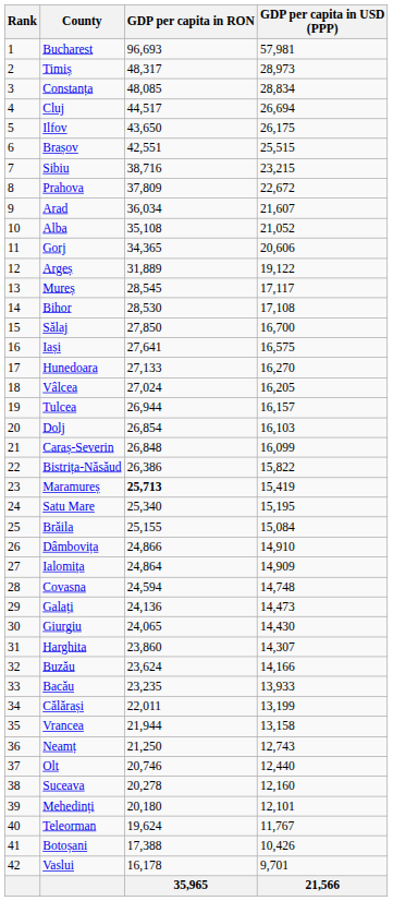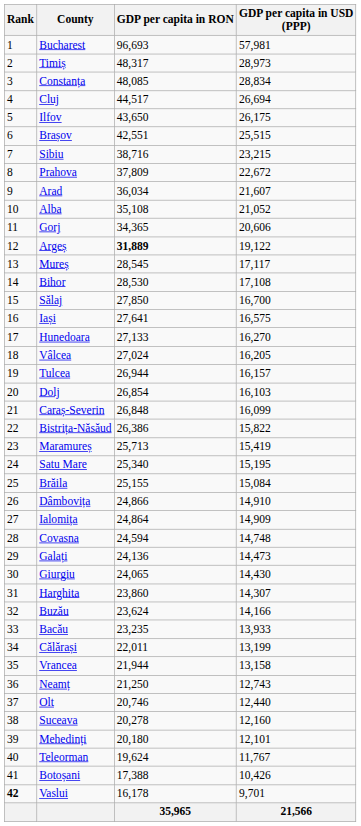 <table class="wikitable sortable">
 <tr>
 <th>Rank</th>
 <th>County</th>
 <th>GDP per capita in RON</th>
 <th>GDP per capita in USD <br>(PPP)</th>
 </tr>
 <tr>
 <td>1</td>
 <td><a href='#'>Bucharest</a></td>
 <td>96,693</td>
 <td>57,981</td>
 </tr>
 <tr>
 <td>2</td>
 <td><a href='#'>Timiș</a></td>
 <td>48,317</td>
 <td>28,973</td>
 </tr>
 <tr>
 <td>3</td>
 <td><a href='#'>Constanța</a></td>
 <td>48,085</td>
 <td>28,834</td>
 </tr>
 <tr>
 <td>4</td>
 <td><a href='#'>Cluj</a></td>
 <td>44,517</td>
 <td>26,694</td>
 </tr>
 <tr>
 <td>5</td>
 <td><a href='#'>Ilfov</a></td>
 <td>43,650</td>
 <td>26,175</td>
 </tr>
 <tr>
 <td>6</td>
 <td><a href='#'>Brașov</a></td>
 <td>42,551</td>
 <td>25,515</td>
 </tr>
 <tr>
 <td>7</td>
 <td><a href='#'>Sibiu</a></td>
 <td>38,716</td>
 <td>23,215</td>
 </tr>
 <tr>
 <td>8</td>
 <td><a href='#'>Prahova</a></td>
 <td>37,809</td>
 <td>22,672</td>
 </tr>
 <tr>
 <td>9</td>
 <td><a href='#'>Arad</a></td>
 <td>36,034</td>
 <td>21,607</td>
 </tr>
 <tr>
 <td>10</td>
 <td><a href='#'>Alba</a></td>
 <td>35,108</td>
 <td>21,052</td>
 </tr>
 <tr>
 <td>11</td>
 <td><a href='#'>Gorj</a></td>
 <td>34,365</td>
 <td>20,606</td>
 </tr>
 <tr>
 <td>12</td>
 <td><a href='#'>Argeș</a></td>
-<td>31,889</td>
+<td><strong>31,889</strong></td>
 <td>19,122</td>
 </tr>
 <tr>
 <td>13</td>
 <td><a href='#'>Mureș</a></td>
 <td>28,545</td>
 <td>17,117</td>
 </tr>
 <tr>
 <td>14</td>
 <td><a href='#'>Bihor</a></td>
 <td>28,530</td>
 <td>17,108</td>
 </tr>
 <tr>
 <td>15</td>
 <td><a href='#'>Sălaj</a></td>
 <td>27,850</td>
 <td>16,700</td>
 </tr>
 <tr>
 <td>16</td>
 <td><a href='#'>Iași</a></td>
 <td>27,641</td>
 <td>16,575</td>
 </tr>
 <tr>
 <td>17</td>
 <td><a href='#'>Hunedoara</a></td>
 <td>27,133</td>
 <td>16,270</td>
 </tr>
 <tr>
 <td>18</td>
 <td><a href='#'>Vâlcea</a></td>
 <td>27,024</td>
 <td>16,205</td>
 </tr>
 <tr>
 <td>19</td>
 <td><a href='#'>Tulcea</a></td>
 <td>26,944</td>
 <td>16,157</td>
 </tr>
 <tr>
 <td>20</td>
 <td><a href='#'>Dolj</a></td>
 <td>26,854</td>
 <td>16,103</td>
 </tr>
 <tr>
 <td>21</td>
 <td><a href='#'>Caraș-Severin</a></td>
 <td>26,848</td>
 <td>16,099</td>
 </tr>
 <tr>
 <td>22</td>
 <td><a href='#'>Bistrița-Năsăud</a></td>
 <td>26,386</td>
 <td>15,822</td>
 </tr>
 <tr>
 <td>23</td>
 <td><a href='#'>Maramureș</a></td>
-<td><strong>25,713</strong></td>
+<td>25,713</td>
 <td>15,419</td>
 </tr>
 <tr>
 <td>24</td>
 <td><a href='#'>Satu Mare</a></td>
 <td>25,340</td>
 <td>15,195</td>
 </tr>
 <tr>
 <td>25</td>
 <td><a href='#'>Brăila</a></td>
 <td>25,155</td>
 <td>15,084</td>
 </tr>
 <tr>
 <td>26</td>
 <td><a href='#'>Dâmbovița</a></td>
 <td>24,866</td>
 <td>14,910</td>
 </tr>
 <tr>
 <td>27</td>
 <td><a href='#'>Ialomița</a></td>
 <td>24,864</td>
 <td>14,909</td>
 </tr>
 <tr>
 <td>28</td>
 <td><a href='#'>Covasna</a></td>
 <td>24,594</td>
 <td>14,748</td>
 </tr>
 <tr>
 <td>29</td>
 <td><a href='#'>Galați</a></td>
 <td>24,136</td>
 <td>14,473</td>
 </tr>
 <tr>
 <td>30</td>
 <td><a href='#'>Giurgiu</a></td>
 <td>24,065</td>
 <td>14,430</td>
 </tr>
 <tr>
 <td>31</td>
 <td><a href='#'>Harghita</a></td>
 <td>23,860</td>
 <td>14,307</td>
 </tr>
 <tr>
 <td>32</td>
 <td><a href='#'>Buzău</a></td>
 <td>23,624</td>
 <td>14,166</td>
 </tr>
 <tr>
 <td>33</td>
 <td><a href='#'>Bacău</a></td>
 <td>23,235</td>
 <td>13,933</td>
 </tr>
 <tr>
 <td>34</td>
 <td><a href='#'>Călărași</a></td>
 <td>22,011</td>
 <td>13,199</td>
 </tr>
 <tr>
 <td>35</td>
 <td><a href='#'>Vrancea</a></td>
 <td>21,944</td>
 <td>13,158</td>
 </tr>
 <tr>
 <td>36</td>
 <td><a href='#'>Neamț</a></td>
 <td>21,250</td>
 <td>12,743</td>
 </tr>
 <tr>
 <td>37</td>
 <td><a href='#'>Olt</a></td>
 <td>20,746</td>
 <td>12,440</td>
 </tr>
 <tr>
 <td>38</td>
 <td><a href='#'>Suceava</a></td>
 <td>20,278</td>
 <td>12,160</td>
 </tr>
 <tr>
 <td>39</td>
 <td><a href='#'>Mehedinți</a></td>
 <td>20,180</td>
 <td>12,101</td>
 </tr>
 <tr>
 <td>40</td>
 <td><a href='#'>Teleorman</a></td>
 <td>19,624</td>
 <td>11,767</td>
 </tr>
 <tr>
 <td>41</td>
 <td><a href='#'>Botoșani</a></td>
 <td>17,388</td>
 <td>10,426</td>
 </tr>
 <tr>
-<td>42</td>
+<td><strong>42</strong></td>
 <td><a href='#'>Vaslui</a></td>
 <td>16,178</td>
 <td>9,701</td>
 </tr>
 <tr>
 <th></th>
 <th></th>
 <th>35,965</th>
 <th>21,566</th>
 </tr>
 </table>
